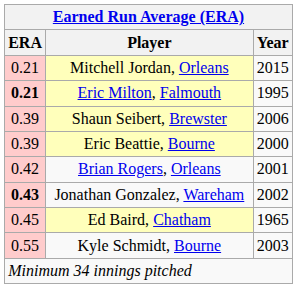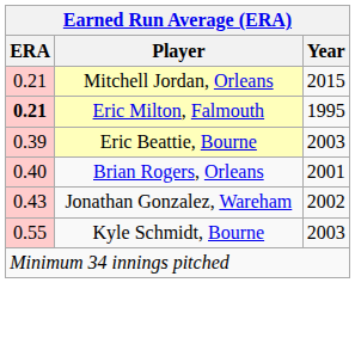 <table class="wikitable" style="display: inline-table; margin-right: 20px; text-align:center">
 <tr>
 <th colspan="3"><a href='#'>Earned Run Average (ERA)</a></th>
 </tr>
 <tr>
 <th scope="col" style="width: 25px;">ERA</th>
 <th scope="col" style="width: 200px;">Player</th>
 <th scope="col" style="width: 25px;">Year</th>
 </tr>
 <tr>
 <td bgcolor=#ffcccc>0.21</td>
 <td !scope="row" style="background:#ffb;">Mitchell Jordan, <a href='#'>Orleans</a></td>
 <td>2015</td>
 </tr>
 <tr>
 <td bgcolor=#ffcccc><strong>0.21</strong></td>
 <td !scope="row" style="background:#ffb;"><a href='#'>Eric Milton</a>, <a href='#'>Falmouth</a></td>
 <td>1995</td>
 </tr>
 <tr>
 <td bgcolor=#ffcccc>0.39</td>
-<td !scope="row" style="background:#ffb;">Shaun Seibert, <a href='#'>Brewster</a></td>
-<td>2006</td>
+<td !scope="row" style="background:#ffb;">Eric Beattie, <a href='#'>Bourne</a></td>
+<td>2003</td>
 </tr>
 <tr>
-<td bgcolor=#ffcccc>0.39</td>
-<td !scope="row" style="background:#ffb;">Eric Beattie, <a href='#'>Bourne</a></td>
-<td>2000</td>
-</tr>
-<tr>
-<td bgcolor=#ffcccc>0.42</td>
+<td bgcolor=#ffcccc>0.40</td>
 <td><a href='#'>Brian Rogers</a>, <a href='#'>Orleans</a></td>
 <td>2001</td>
 </tr>
 <tr>
-<td bgcolor=#ffcccc><strong>0.43</strong></td>
+<td bgcolor=#ffcccc>0.43</td>
 <td>Jonathan Gonzalez, <a href='#'>Wareham</a></td>
 <td>2002</td>
-</tr>
-<tr>
-<td bgcolor=#ffcccc>0.45</td>
-<td !scope="row" style="background:#ffb;">Ed Baird, <a href='#'>Chatham</a></td>
-<td>1965</td>
 </tr>
 <tr>
 <td bgcolor=#ffcccc>0.55</td>
 <td>Kyle Schmidt, <a href='#'>Bourne</a></td>
 <td>2003</td>
 </tr>
 <tr>
 <td colspan="3" align="left"><em>Minimum 34 innings pitched</em></td>
 </tr>
 <tr>
 </tr>
 </table>
